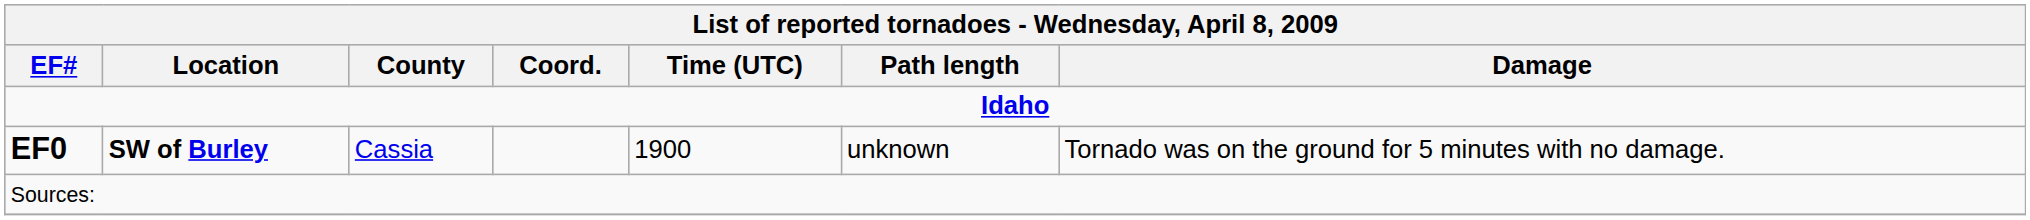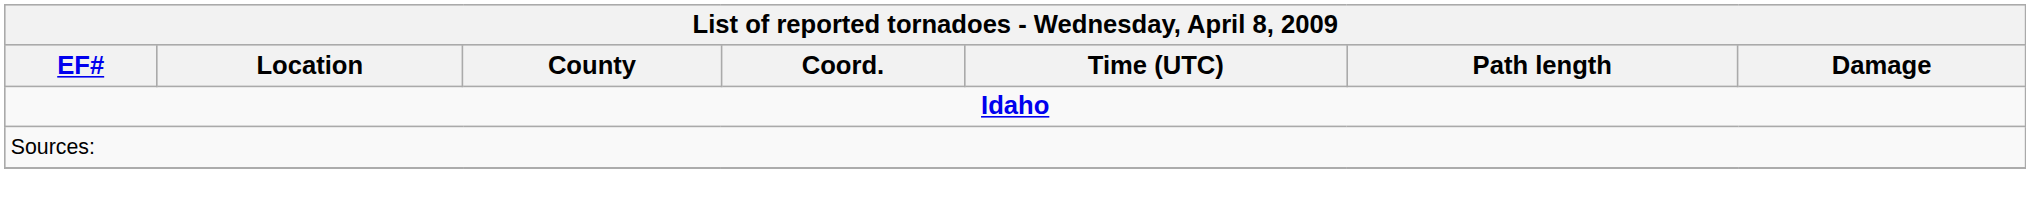 <table class="wikitable collapsible" width="100%">
 <tr>
 <th colspan="7">List of reported tornadoes - Wednesday, April 8, 2009</th>
 </tr>
 <tr>
 <th><a href='#'>EF#</a></th>
 <th>Location</th>
 <th>County</th>
 <th>Coord.</th>
 <th>Time (UTC)</th>
 <th>Path length</th>
 <th>Damage</th>
 </tr>
 <tr>
 <td colspan="7" align=center><strong><a href='#'>Idaho</a></strong></td>
 </tr>
 <tr>
-<td><big><strong>EF0</strong></big></td>
-<td><strong>SW of <a href='#'>Burley</a></strong></td>
-<td><a href='#'>Cassia</a></td>
-<td></td>
-<td>1900</td>
-<td>unknown</td>
-<td>Tornado was on the ground for 5 minutes with no damage.</td>
-</tr>
-<tr>
 <td colspan="7"><small>Sources: </small></td>
 </tr>
 <tr>
 </tr>
 </table>
